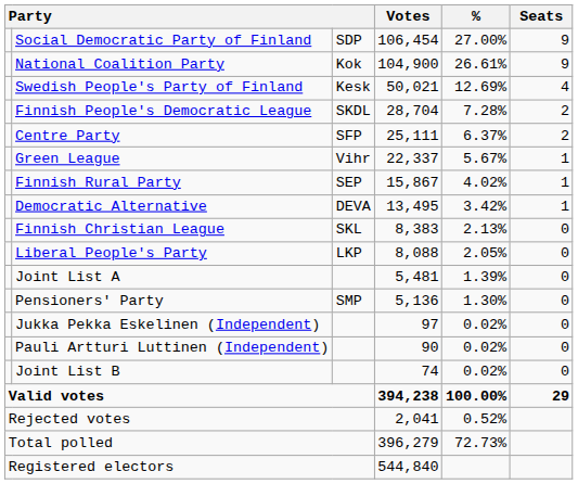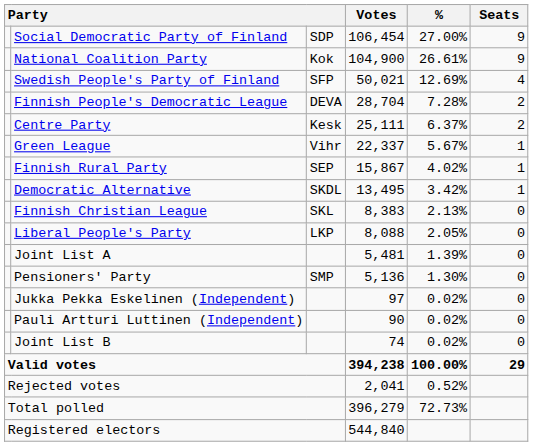 <table class="wikitable" border="1" style="text-align:right;">
 <tr>
 <th style="text-align:left;" colspan=3>Party</th>
 <th align=center width="50">Votes</th>
 <th align=center width="50">%</th>
 <th align=center width="50">Seats</th>
 </tr>
 <tr>
 <td></td>
 <td align=left style="white-space: nowrap;"><a href='#'>Social Democratic Party of Finland</a></td>
 <td align=left>SDP</td>
 <td>106,454</td>
 <td>27.00%</td>
 <td>9</td>
 </tr>
 <tr>
 <td></td>
 <td align=left><a href='#'>National Coalition Party</a></td>
 <td align=left>Kok</td>
 <td>104,900</td>
 <td>26.61%</td>
 <td>9</td>
 </tr>
 <tr>
 <td></td>
 <td align=left><a href='#'>Swedish People's Party of Finland</a></td>
-<td align=left>Kesk</td>
+<td align=left>SFP</td>
 <td>50,021</td>
 <td>12.69%</td>
 <td>4</td>
 </tr>
 <tr>
 <td></td>
 <td align=left><a href='#'>Finnish People's Democratic League</a></td>
-<td align=left>SKDL</td>
+<td align=left>DEVA</td>
 <td>28,704</td>
 <td>7.28%</td>
 <td>2</td>
 </tr>
 <tr>
 <td></td>
 <td align=left><a href='#'>Centre Party</a></td>
-<td align=left>SFP</td>
+<td align=left>Kesk</td>
 <td>25,111</td>
 <td>6.37%</td>
 <td>2</td>
 </tr>
 <tr>
 <td></td>
 <td align=left><a href='#'>Green League</a></td>
 <td align=left>Vihr</td>
 <td>22,337</td>
 <td>5.67%</td>
 <td>1</td>
 </tr>
 <tr>
 <td></td>
 <td align=left><a href='#'>Finnish Rural Party</a></td>
 <td align=left>SEP</td>
 <td>15,867</td>
 <td>4.02%</td>
 <td>1</td>
 </tr>
 <tr>
 <td></td>
 <td align=left><a href='#'>Democratic Alternative</a></td>
-<td align=left>DEVA</td>
+<td align=left>SKDL</td>
 <td>13,495</td>
 <td>3.42%</td>
 <td>1</td>
 </tr>
 <tr>
 <td></td>
 <td align=left><a href='#'>Finnish Christian League</a></td>
 <td align=left>SKL</td>
 <td>8,383</td>
 <td>2.13%</td>
 <td>0</td>
 </tr>
 <tr>
 <td></td>
 <td align=left><a href='#'>Liberal People's Party</a></td>
 <td align=left>LKP</td>
 <td>8,088</td>
 <td>2.05%</td>
 <td>0</td>
 </tr>
 <tr>
 <td></td>
 <td align=left>Joint List A</td>
 <td align=left></td>
 <td>5,481</td>
 <td>1.39%</td>
 <td>0</td>
 </tr>
 <tr>
 <td></td>
 <td align=left>Pensioners' Party</td>
 <td align=left>SMP</td>
 <td>5,136</td>
 <td>1.30%</td>
 <td>0</td>
 </tr>
 <tr>
 <td></td>
 <td align=left>Jukka Pekka Eskelinen (<a href='#'>Independent</a>)</td>
 <td align=left></td>
 <td>97</td>
 <td>0.02%</td>
 <td>0</td>
 </tr>
 <tr>
 <td></td>
 <td align=left>Pauli Artturi Luttinen (<a href='#'>Independent</a>)</td>
 <td align=left></td>
 <td>90</td>
 <td>0.02%</td>
 <td>0</td>
 </tr>
 <tr>
 <td></td>
 <td align=left>Joint List B</td>
 <td align=left></td>
 <td>74</td>
 <td>0.02%</td>
 <td>0</td>
 </tr>
 <tr style="font-weight:bold">
 <td align=left colspan=3>Valid votes</td>
 <td>394,238</td>
 <td>100.00%</td>
 <td>29</td>
 </tr>
 <tr>
 <td align=left colspan=3>Rejected votes</td>
 <td>2,041</td>
 <td>0.52%</td>
 <td></td>
 </tr>
 <tr>
 <td align=left colspan=3>Total polled</td>
 <td>396,279</td>
 <td>72.73%</td>
 <td></td>
 </tr>
 <tr>
 <td align=left colspan=3>Registered electors</td>
 <td>544,840</td>
 <td></td>
 <td></td>
 </tr>
 </table>
